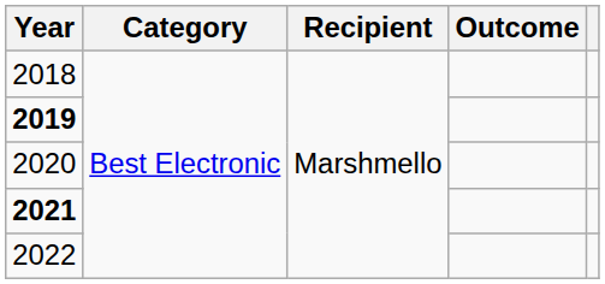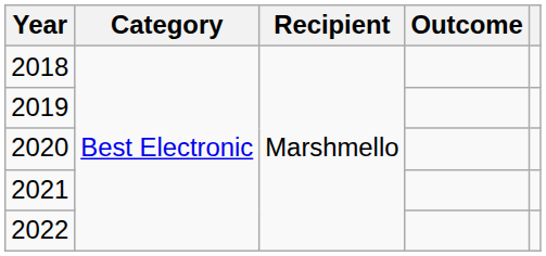 <table class="wikitable sortable">
 <tr>
 <th>Year</th>
 <th>Category</th>
 <th>Recipient</th>
 <th>Outcome</th>
 <th></th>
 </tr>
 <tr>
 <td>2018</td>
 <td rowspan="5"><a href='#'>Best Electronic</a></td>
 <td rowspan="5">Marshmello</td>
 <td></td>
 <td></td>
 </tr>
 <tr>
-<td><strong>2019</strong></td>
+<td>2019</td>
 <td></td>
 <td></td>
 </tr>
 <tr>
 <td>2020</td>
 <td></td>
 <td></td>
 </tr>
 <tr>
-<td><strong>2021</strong></td>
+<td>2021</td>
 <td></td>
 <td></td>
 </tr>
 <tr>
 <td>2022</td>
 <td></td>
 <td></td>
 </tr>
 </table>
